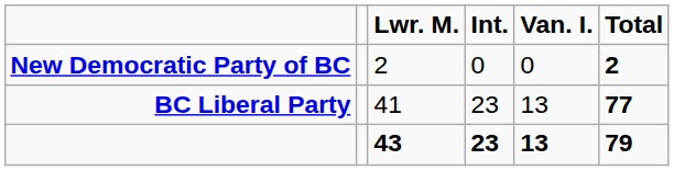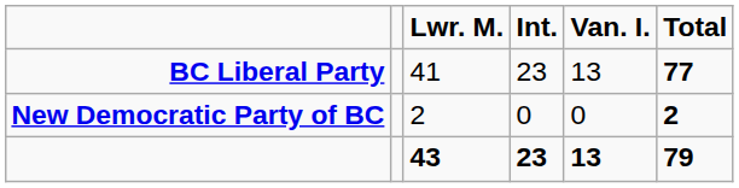 <table class="wikitable" style="margin: 1em auto; margin-top:2em">
 <tr ---->
 <td></td>
 <td></td>
 <td><strong>Lwr. M.</strong></td>
 <td><strong>Int.</strong></td>
 <td><strong>Van. I.</strong></td>
 <td><strong>Total</strong></td>
 </tr>
 <tr ---->
+<td align="right"><strong><a href='#'>BC Liberal Party</a></strong></td>
+<td></td>
+<td>41</td>
+<td>23</td>
+<td>13</td>
+<td><strong>77</strong></td>
+</tr>
+<tr ---->
 <td align="right"><strong><a href='#'>New Democratic Party of BC</a></strong></td>
 <td></td>
 <td>2</td>
 <td>0</td>
 <td>0</td>
 <td><strong>2</strong></td>
-</tr>
-<tr ---->
-<td align="right"><strong><a href='#'>BC Liberal Party</a></strong></td>
-<td></td>
-<td>41</td>
-<td>23</td>
-<td>13</td>
-<td><strong>77</strong></td>
 </tr>
 <tr ---->
 <td></td>
 <td></td>
 <td><strong>43</strong></td>
 <td><strong>23</strong></td>
 <td><strong>13</strong></td>
 <td><strong>79</strong></td>
 </tr>
 </table>
